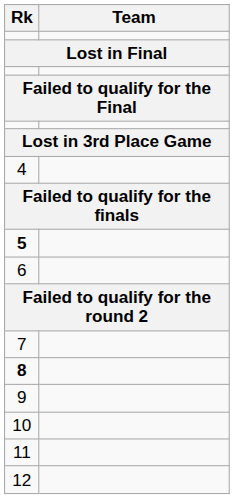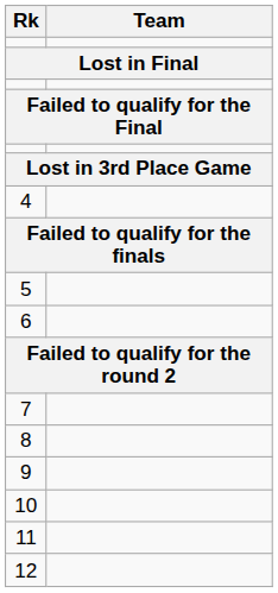 <table class=wikitable style=text-align:center>
 <tr>
 <th width=25>Rk</th>
 <th width=170>Team</th>
 </tr>
 <tr>
 <td></td>
 <td align=left></td>
 </tr>
 <tr>
 <th colspan="6">Lost in Final</th>
 </tr>
 <tr>
 <td></td>
 <td align=left></td>
 </tr>
 <tr>
 <th colspan="6">Failed to qualify for the Final</th>
 </tr>
 <tr>
 <td></td>
 <td align=left></td>
 </tr>
 <tr>
 <th colspan="6">Lost in 3rd Place Game</th>
 </tr>
 <tr>
 <td>4</td>
 <td align=left></td>
 </tr>
 <tr>
 <th colspan="6">Failed to qualify for the finals</th>
 </tr>
 <tr>
-<td><strong>5</strong></td>
+<td>5</td>
 <td align=left></td>
 </tr>
 <tr>
 <td>6</td>
 <td align=left></td>
 </tr>
 <tr>
 <th colspan="6">Failed to qualify for the round 2</th>
 </tr>
 <tr>
 <td>7</td>
 <td align=left></td>
 </tr>
 <tr>
-<td><strong>8</strong></td>
+<td>8</td>
 <td align=left></td>
 </tr>
 <tr>
 <td>9</td>
 <td align=left></td>
 </tr>
 <tr>
 <td>10</td>
 <td align=left></td>
 </tr>
 <tr>
 <td>11</td>
 <td align=left></td>
 </tr>
 <tr>
 <td>12</td>
 <td align=left></td>
 </tr>
 </table>
